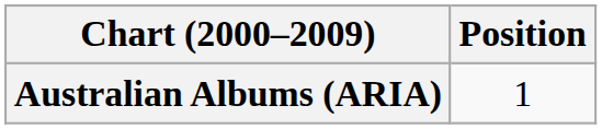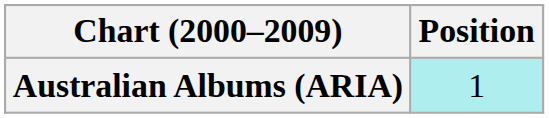 <table class="wikitable plainrowheaders">
 <tr>
 <th scope="col">Chart (2000–2009)</th>
 <th scope="col">Position</th>
 </tr>
 <tr>
 <th scope="row">Australian Albums (ARIA)</th>
-<td align="center">1</td>
+<td align="center" style="background: paleturquoise;">1</td>
 </tr>
 </table>
